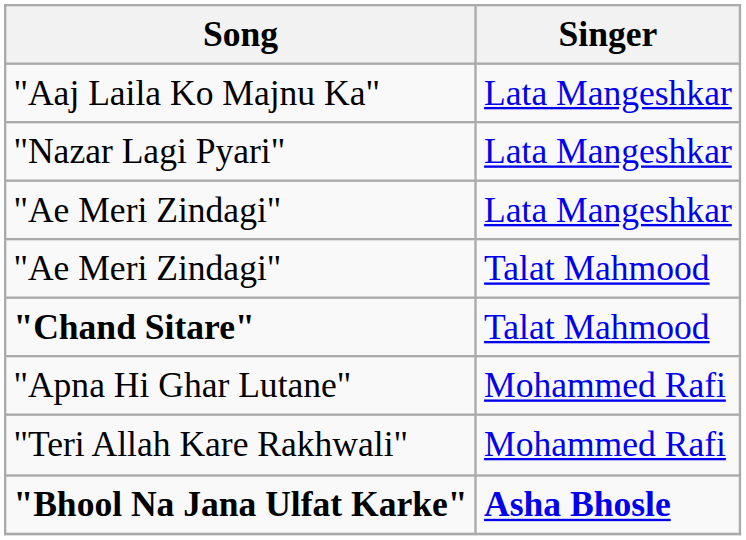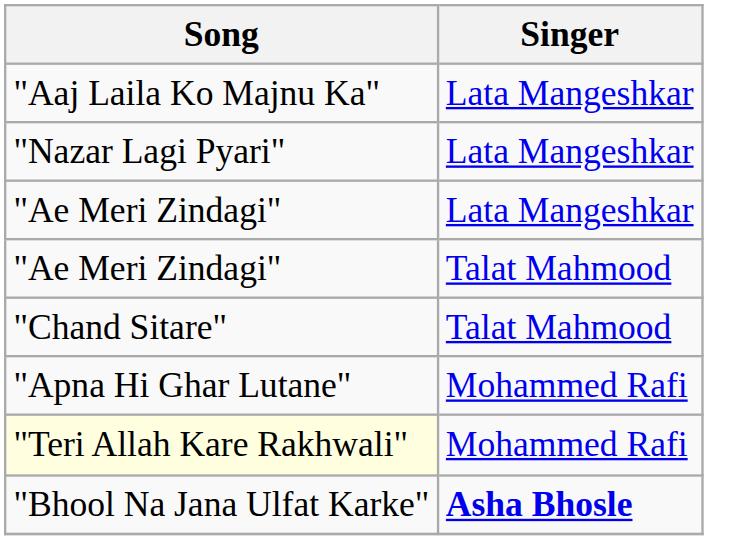 <table class="wikitable" style="font-size:95%;">
 <tr>
 <th>Song</th>
 <th>Singer</th>
 </tr>
 <tr>
 <td>"Aaj Laila Ko Majnu Ka"</td>
 <td><a href='#'>Lata Mangeshkar</a></td>
 </tr>
 <tr>
 <td>"Nazar Lagi Pyari"</td>
 <td><a href='#'>Lata Mangeshkar</a></td>
 </tr>
 <tr>
 <td>"Ae Meri Zindagi"</td>
 <td><a href='#'>Lata Mangeshkar</a></td>
 </tr>
 <tr>
 <td>"Ae Meri Zindagi"</td>
 <td><a href='#'>Talat Mahmood</a></td>
 </tr>
 <tr>
-<td><strong>"Chand Sitare"</strong></td>
+<td>"Chand Sitare"</td>
 <td><a href='#'>Talat Mahmood</a></td>
 </tr>
 <tr>
 <td>"Apna Hi Ghar Lutane"</td>
 <td><a href='#'>Mohammed Rafi</a></td>
 </tr>
 <tr>
-<td>"Teri Allah Kare Rakhwali"</td>
+<td style="background: lightyellow;">"Teri Allah Kare Rakhwali"</td>
 <td><a href='#'>Mohammed Rafi</a></td>
 </tr>
 <tr>
-<td><strong>"Bhool Na Jana Ulfat Karke"</strong></td>
+<td>"Bhool Na Jana Ulfat Karke"</td>
 <td><strong><a href='#'>Asha Bhosle</a></strong></td>
 </tr>
 <tr>
 </tr>
 </table>
